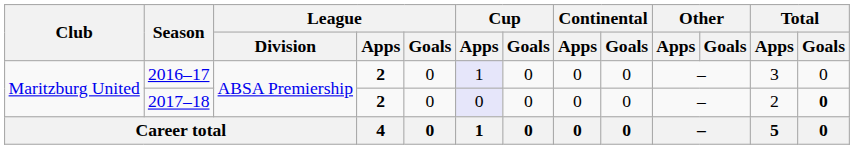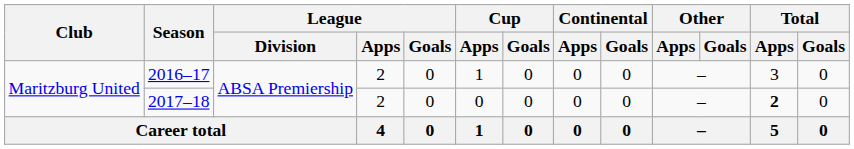 <table class="wikitable" style="text-align: center">
 <tr>
 <th rowspan="2">Club</th>
 <th rowspan="2">Season</th>
 <th colspan="3">League</th>
 <th colspan="2">Cup</th>
 <th colspan="2">Continental</th>
 <th colspan="2">Other</th>
 <th colspan="2">Total</th>
 </tr>
 <tr>
 <th>Division</th>
 <th>Apps</th>
 <th>Goals</th>
 <th>Apps</th>
 <th>Goals</th>
 <th>Apps</th>
 <th>Goals</th>
 <th>Apps</th>
 <th>Goals</th>
 <th>Apps</th>
 <th>Goals</th>
 </tr>
 <tr>
 <td rowspan="2"><a href='#'>Maritzburg United</a></td>
 <td><a href='#'>2016–17</a></td>
 <td rowspan="2"><a href='#'>ABSA Premiership</a></td>
-<td><strong>2</strong></td>
+<td>2</td>
 <td>0</td>
-<td style="background: lavender;">1</td>
+<td>1</td>
 <td>0</td>
 <td>0</td>
 <td>0</td>
 <td colspan="2">–</td>
 <td>3</td>
 <td>0</td>
 </tr>
 <tr>
 <td><a href='#'>2017–18</a></td>
-<td><strong>2</strong></td>
+<td>2</td>
 <td>0</td>
-<td style="background: lavender;">0</td>
+<td>0</td>
 <td>0</td>
 <td>0</td>
 <td>0</td>
 <td colspan="2">–</td>
-<td>2</td>
-<td><strong>0</strong></td>
+<td><strong>2</strong></td>
+<td>0</td>
 </tr>
 <tr>
 <th colspan="3"><strong>Career total</strong></th>
 <th>4</th>
 <th>0</th>
 <th>1</th>
 <th>0</th>
 <th>0</th>
 <th>0</th>
 <th colspan="2">–</th>
 <th>5</th>
 <th>0</th>
 </tr>
 </table>
